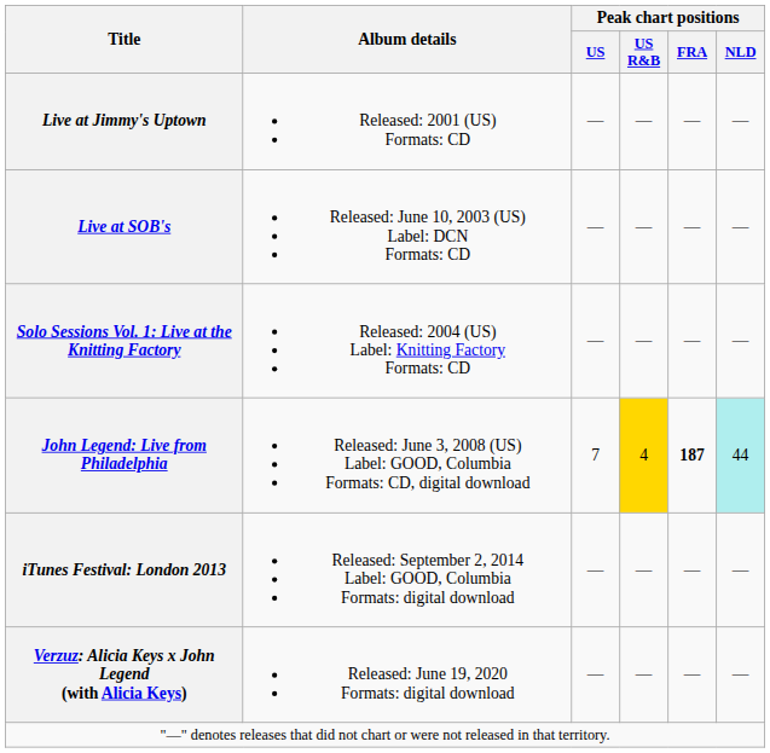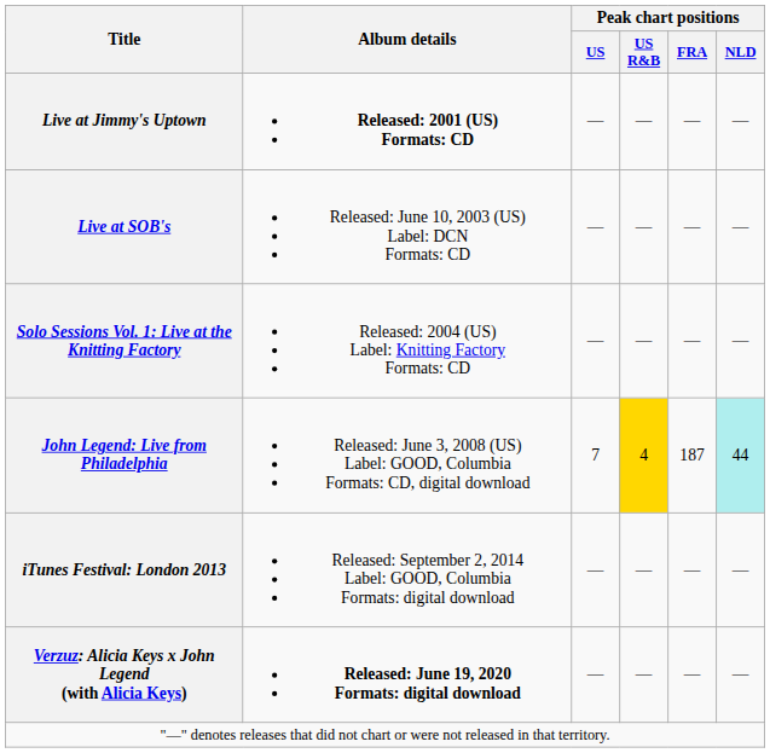 <table class="wikitable plainrowheaders" style="text-align:center;" border="1">
 <tr>
 <th scope="col" rowspan="2" style="width:14em;">Title</th>
 <th scope="col" rowspan="2" style="width:19.5em;">Album details</th>
 <th scope="col" colspan="4">Peak chart positions</th>
 </tr>
 <tr>
 <th scope="col" style="width:2.8em;font-size:90%;"><a href='#'>US</a><br></th>
 <th scope="col" style="width:2.8em;font-size:90%;"><a href='#'>US<br>R&B</a><br></th>
 <th scope="col" style="width:2.8em;font-size:90%;"><a href='#'>FRA</a><br></th>
 <th scope="col" style="width:2.8em;font-size:90%;"><a href='#'>NLD</a><br></th>
 </tr>
 <tr>
 <th scope="row"><em>Live at Jimmy's Uptown</em></th>
-<td><br><ul><li>Released: 2001 <span>(US)</span></li><li>Formats: CD</li></ul></td>
+<td><strong><br><ul><li>Released: 2001 <span>(US)</span></li><li>Formats: CD</li></ul></strong></td>
 <td>—</td>
 <td>—</td>
 <td>—</td>
 <td>—</td>
 </tr>
 <tr>
 <th scope="row"><em><a href='#'>Live at SOB's</a></em></th>
 <td><br><ul><li>Released: June 10, 2003 <span>(US)</span></li><li>Label: DCN</li><li>Formats: CD</li></ul></td>
 <td>—</td>
 <td>—</td>
 <td>—</td>
 <td>—</td>
 </tr>
 <tr>
 <th scope="row"><em><a href='#'>Solo Sessions Vol. 1: Live at the Knitting Factory</a></em></th>
 <td><br><ul><li>Released: 2004 <span>(US)</span></li><li>Label: <a href='#'>Knitting Factory</a></li><li>Formats: CD</li></ul></td>
 <td>—</td>
 <td>—</td>
 <td>—</td>
 <td>—</td>
 </tr>
 <tr>
 <th scope="row"><em><a href='#'>John Legend: Live from Philadelphia</a></em></th>
 <td><br><ul><li>Released: June 3, 2008 <span>(US)</span></li><li>Label: GOOD, Columbia</li><li>Formats: CD, digital download</li></ul></td>
 <td>7</td>
 <td style="background: gold;">4</td>
-<td><strong>187</strong></td>
+<td>187</td>
 <td style="background: paleturquoise;">44</td>
 </tr>
 <tr>
 <th scope="row"><em>iTunes Festival: London 2013</em></th>
 <td><br><ul><li>Released: September 2, 2014</li><li>Label: GOOD, Columbia</li><li>Formats: digital download</li></ul></td>
 <td>—</td>
 <td>—</td>
 <td>—</td>
 <td>—</td>
 </tr>
 <tr>
 <th scope="row"><em><a href='#'>Verzuz</a>: Alicia Keys x John Legend</em><br><span>(with <a href='#'>Alicia Keys</a>)</span></th>
-<td><br><ul><li>Released: June 19, 2020</li><li>Formats: digital download</li></ul></td>
+<td><strong><br><ul><li>Released: June 19, 2020</li><li>Formats: digital download</li></ul></strong></td>
 <td>—</td>
 <td>—</td>
 <td>—</td>
 <td>—</td>
 </tr>
 <tr>
 <td colspan="10" style="font-size:90%">"—" denotes releases that did not chart or were not released in that territory.</td>
 </tr>
 </table>
